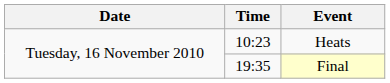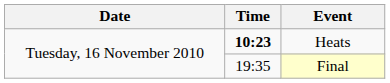 <table class = "wikitable" style="text-align:center;">
 <tr>
 <th width=220>Date</th>
 <th width=50>Time</th>
 <th width=100>Event</th>
 </tr>
 <tr>
 <td rowspan=2>Tuesday, 16 November 2010</td>
-<td>10:23</td>
+<td><strong>10:23</strong></td>
 <td>Heats</td>
 </tr>
 <tr>
 <td>19:35</td>
 <td bgcolor=ffffcc>Final</td>
 </tr>
 </table>
